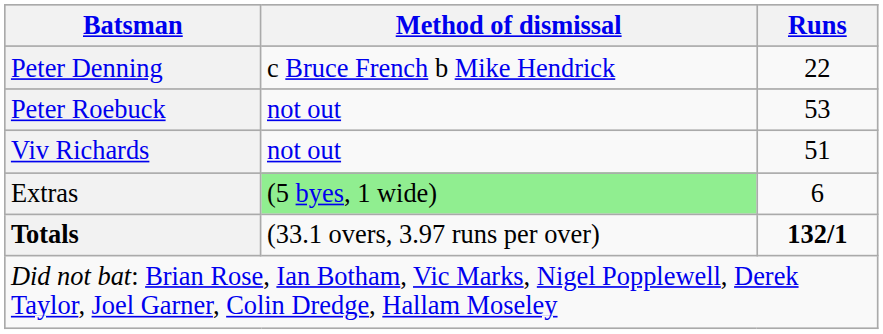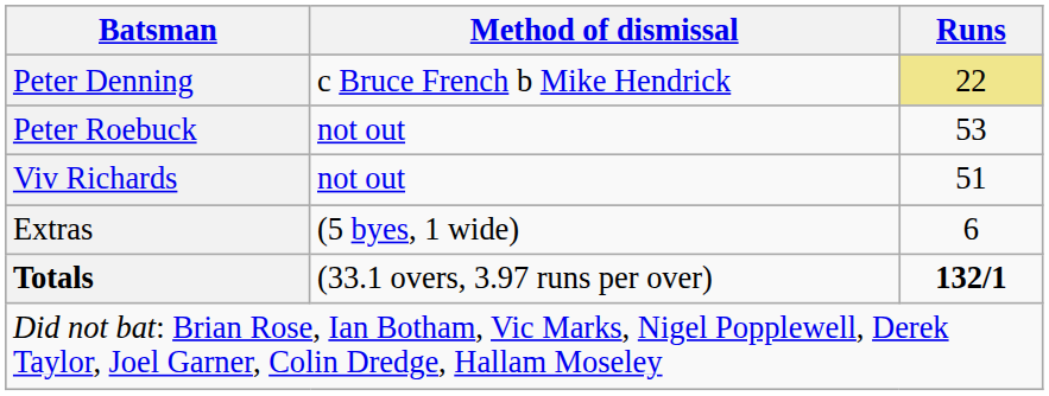 <table cellpadding="1" style="border:gray solid 1px; text-align:center; width:60%;" class="wikitable">
 <tr>
 <th scope="col"><a href='#'>Batsman</a></th>
 <th scope="col"><a href='#'>Method of dismissal</a></th>
 <th scope="col"><a href='#'>Runs</a></th>
 </tr>
 <tr>
 <th scope="row" style="font-weight: normal; text-align: left;"><a href='#'>Peter Denning</a></th>
 <td style=" text-align: left;">c <a href='#'>Bruce French</a>  b <a href='#'>Mike Hendrick</a></td>
-<td>22</td>
+<td style="background: khaki;">22</td>
 </tr>
 <tr>
 <th scope="row" style="font-weight: normal; text-align: left;"><a href='#'>Peter Roebuck</a></th>
 <td style=" text-align: left;"><a href='#'>not out</a></td>
 <td>53</td>
 </tr>
 <tr>
 <th scope="row" style="font-weight: normal; text-align: left;"><a href='#'>Viv Richards</a></th>
 <td style=" text-align: left;"><a href='#'>not out</a></td>
 <td>51</td>
 </tr>
 <tr>
 <th scope="row" style="font-weight: normal; text-align: left;">Extras</th>
-<td style="background: lightgreen;  text-align: left;">(5 <a href='#'>byes</a>, 1 wide)</td>
+<td style=" text-align: left;">(5 <a href='#'>byes</a>, 1 wide)</td>
 <td>6</td>
 </tr>
 <tr>
 <th scope="row" style="font-weight: normal; text-align: left;"><strong>Totals</strong></th>
 <td style=" text-align: left;">(33.1 overs, 3.97 runs per over)</td>
 <td><strong>132/1</strong></td>
 </tr>
 <tr style="text-align:left;">
 <td colspan="3"><em>Did not bat</em>: <a href='#'>Brian Rose</a>, <a href='#'>Ian Botham</a>, <a href='#'>Vic Marks</a>, <a href='#'>Nigel Popplewell</a>, <a href='#'>Derek Taylor</a>, <a href='#'>Joel Garner</a>, <a href='#'>Colin Dredge</a>, <a href='#'>Hallam Moseley</a></td>
 </tr>
 </table>
